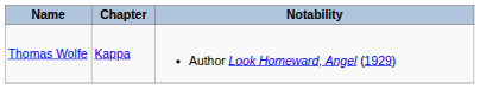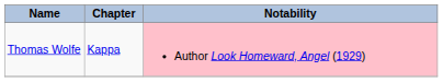 <table class="wikitable">
 <tr>
 <th style="background: #B0C4DE; color:#000000 ;border:solid 1px #808080;" width=120px>Name</th>
 <th style="background: #B0C4DE; color:#000000 ;border:solid 1px #808080;" width=80px>Chapter</th>
 <th style="background: #B0C4DE; color:#000000 ;border:solid 1px #808080;" width=500px>Notability</th>
 </tr>
 <tr>
 <td><a href='#'>Thomas Wolfe</a></td>
 <td><a href='#'>Kappa</a></td>
-<td><br><ul><li>Author <em><a href='#'>Look Homeward, Angel</a></em> (<a href='#'>1929</a>)</li></ul></td>
+<td style="background: pink;"><br><ul><li>Author <em><a href='#'>Look Homeward, Angel</a></em> (<a href='#'>1929</a>)</li></ul></td>
 </tr>
 <tr>
 </tr>
 </table>
